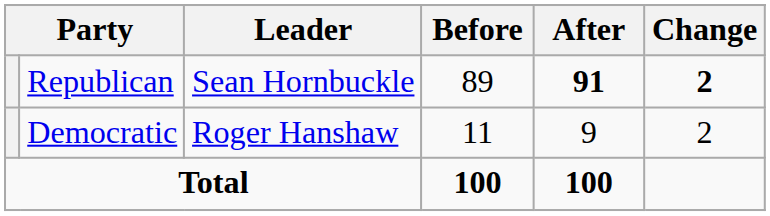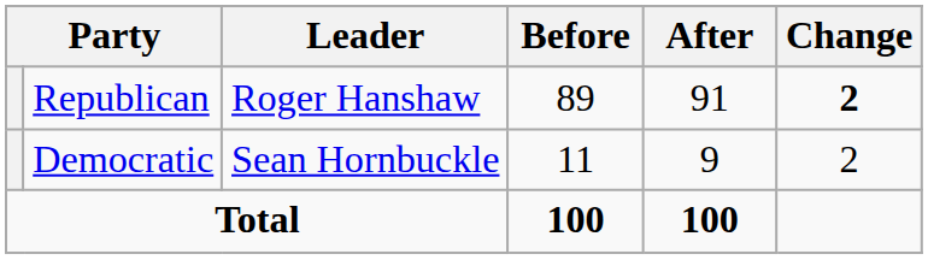 <table class="wikitable" style="text-align:center;">
 <tr>
 </tr>
 <tr>
 <th colspan="2">Party</th>
 <th>Leader</th>
 <th style="width:3em">Before</th>
 <th style="width:3em">After</th>
 <th style="width:3em">Change</th>
 </tr>
 <tr>
 <th style="background-color:"></th>
 <td style="text-align:left;"><a href='#'>Republican</a></td>
-<td style="text-align:left;"><a href='#'>Sean Hornbuckle</a></td>
+<td style="text-align:left;"><a href='#'>Roger Hanshaw</a></td>
 <td>89</td>
-<td><strong>91</strong></td>
+<td>91</td>
 <td><strong> 2</strong></td>
 </tr>
 <tr>
 <th style="background-color:"></th>
 <td style="text-align:left;"><a href='#'>Democratic</a></td>
-<td style="text-align:left;"><a href='#'>Roger Hanshaw</a></td>
+<td style="text-align:left;"><a href='#'>Sean Hornbuckle</a></td>
 <td>11</td>
 <td>9</td>
 <td> 2</td>
 </tr>
 <tr>
 <td colspan="3"><strong>Total</strong></td>
 <td><strong>100</strong></td>
 <td><strong>100</strong></td>
 <td></td>
 </tr>
 </table>
